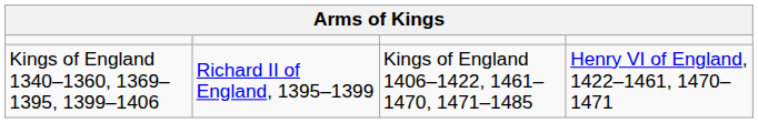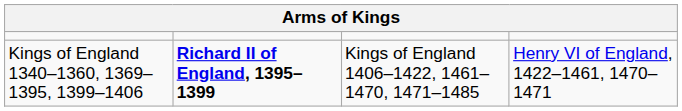 <table class="wikitable" width="100%">
 <tr>
 <th align=center colspan=4>Arms of Kings</th>
 </tr>
 <tr>
 <td align=center width="25%"></td>
 <td align=center width="25%"></td>
 <td align=center width="25%"></td>
 <td align=center width="25%"></td>
 </tr>
 <tr>
 <td>Kings of England 1340–1360, 1369–1395, 1399–1406</td>
-<td><a href='#'>Richard II of England</a>, 1395–1399</td>
+<td><strong><a href='#'>Richard II of England</a>, 1395–1399</strong></td>
 <td>Kings of England 1406–1422, 1461–1470, 1471–1485</td>
 <td><a href='#'>Henry VI of England</a>, 1422–1461, 1470–1471</td>
 </tr>
 </table>
